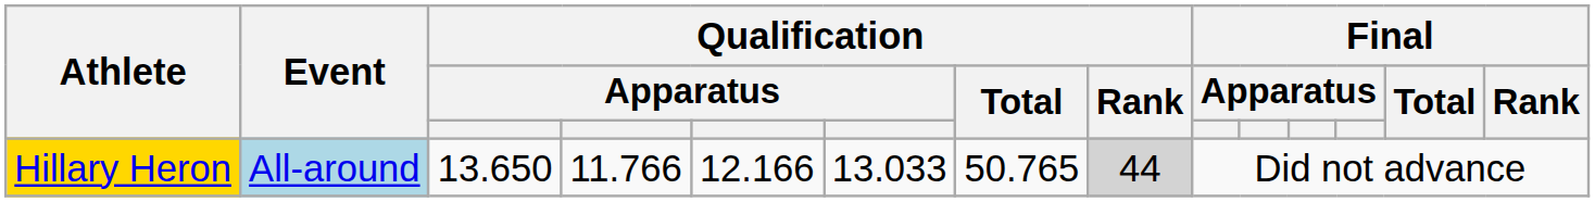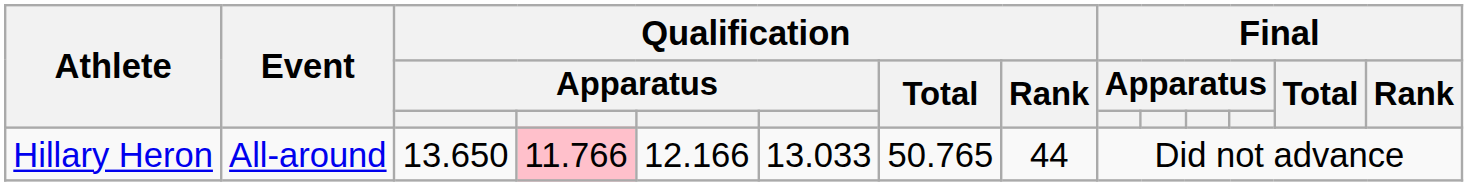 <table class="wikitable" style="font-size:90%">
 <tr>
 <th rowspan=3>Athlete</th>
 <th rowspan=3>Event</th>
 <th colspan=6>Qualification</th>
 <th colspan=6>Final</th>
 </tr>
 <tr style=font-size:95%>
 <th colspan=4>Apparatus</th>
 <th rowspan=2>Total</th>
 <th rowspan=2>Rank</th>
 <th colspan=4>Apparatus</th>
 <th rowspan=2>Total</th>
 <th rowspan=2>Rank</th>
 </tr>
 <tr style=font-size:95%>
 <th></th>
 <th></th>
 <th></th>
 <th></th>
 <th></th>
 <th></th>
 <th></th>
 <th></th>
 </tr>
 <tr align=center>
-<td align=left style="background: gold;"><a href='#'>Hillary Heron</a></td>
-<td align=left style="background: lightblue;"><a href='#'>All-around</a></td>
+<td align=left><a href='#'>Hillary Heron</a></td>
+<td align=left><a href='#'>All-around</a></td>
 <td>13.650</td>
-<td>11.766</td>
+<td style="background: pink;">11.766</td>
 <td>12.166</td>
 <td>13.033</td>
 <td>50.765</td>
-<td style="background: lightgrey;">44</td>
+<td>44</td>
 <td colspan="6">Did not advance</td>
 </tr>
 </table>
